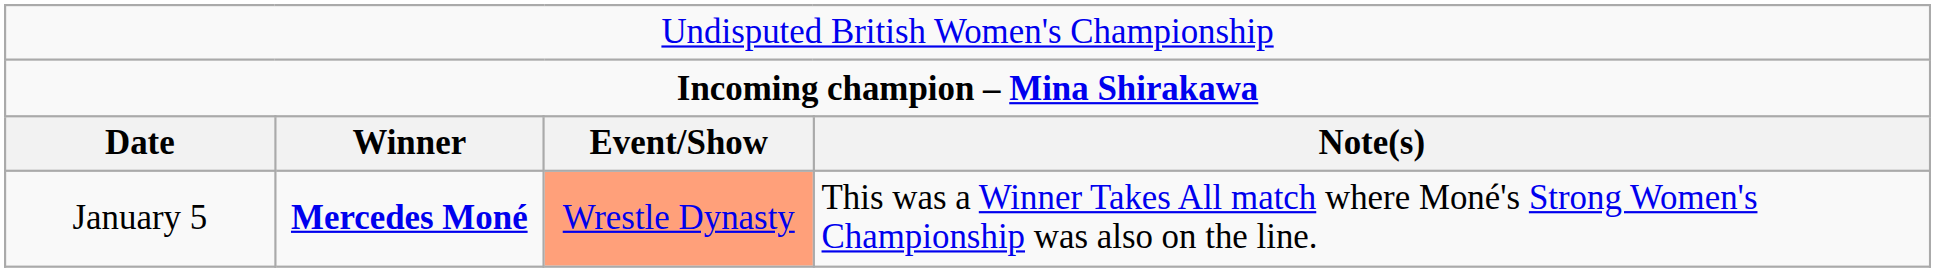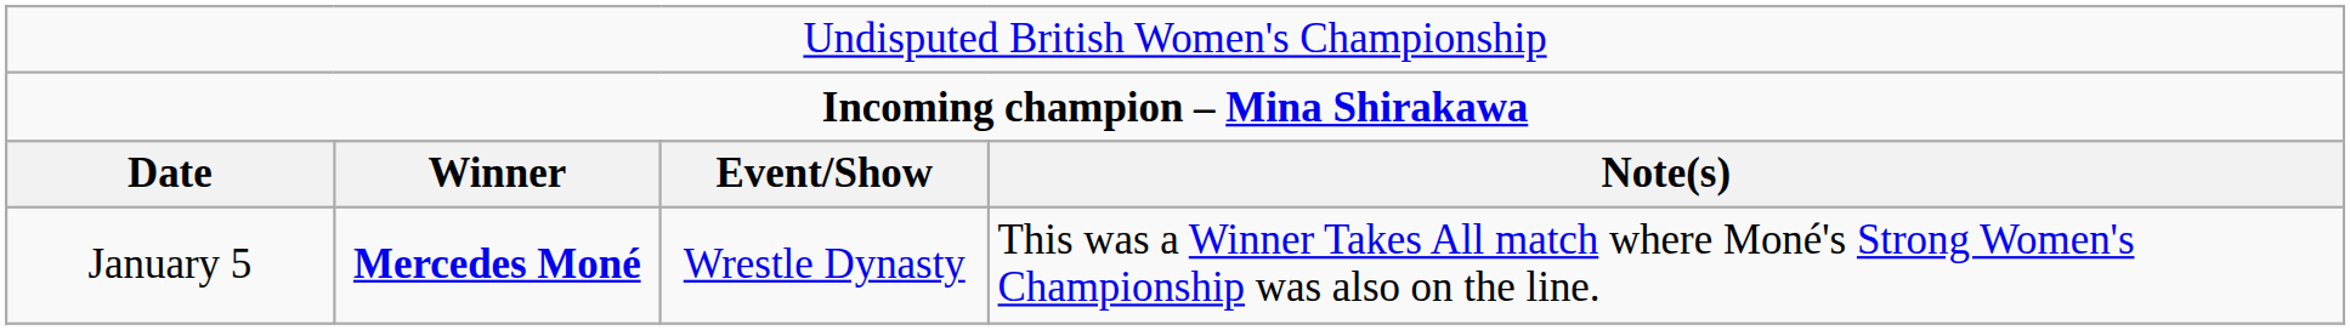 <table class="wikitable" style="text-align:center; width:100%;">
 <tr>
 <td colspan="4" style="text-align: center;"><a href='#'>Undisputed British Women's Championship</a></td>
 </tr>
 <tr>
 <td colspan="4" style="text-align: center;"><strong>Incoming champion – <a href='#'>Mina Shirakawa</a></strong></td>
 </tr>
 <tr>
 <th width=14%>Date</th>
 <th width=14%>Winner</th>
 <th width=14%>Event/Show</th>
 <th width=58%>Note(s)</th>
 </tr>
 <tr>
 <td>January 5</td>
 <td><strong><a href='#'>Mercedes Moné</a></strong></td>
-<td style="background: lightsalmon;"><a href='#'>Wrestle Dynasty</a></td>
+<td><a href='#'>Wrestle Dynasty</a></td>
 <td align=left>This was a <a href='#'>Winner Takes All match</a> where Moné's <a href='#'>Strong Women's Championship</a> was also on the line.</td>
 </tr>
 </table>
